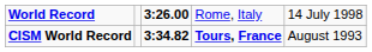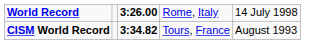 <table class="wikitable">
 <tr>
 <td><strong><a href='#'>World Record</a></strong></td>
 <td></td>
 <td><strong>3:26.00</strong></td>
 <td><a href='#'>Rome</a>, <a href='#'>Italy</a></td>
 <td>14 July 1998</td>
 </tr>
 <tr>
 <td><strong><a href='#'>CISM</a> World Record</strong></td>
 <td></td>
 <td><strong>3:34.82</strong></td>
-<td><strong><a href='#'>Tours</a>, <a href='#'>France</a></strong></td>
+<td><a href='#'>Tours</a>, <a href='#'>France</a></td>
 <td>August 1993</td>
 </tr>
 </table>
